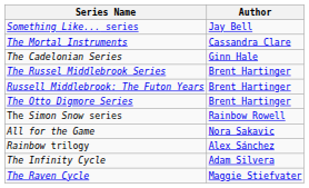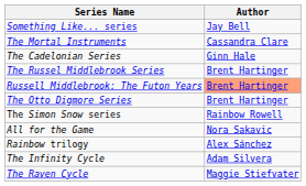 <table class="wikitable sortable">
 <tr>
 <th>Series Name</th>
 <th>Author</th>
 </tr>
 <tr>
 <td><a href='#'><em>Something Like...</em> series</a></td>
 <td><a href='#'>Jay Bell</a></td>
 </tr>
 <tr>
 <td><em><a href='#'>The Mortal Instruments</a></em></td>
 <td><a href='#'>Cassandra Clare</a></td>
 </tr>
 <tr>
 <td><em>The Cadelonian Series</em></td>
 <td><a href='#'>Ginn Hale</a></td>
 </tr>
 <tr>
 <td><em><a href='#'>The Russel Middlebrook Series</a></em></td>
 <td><a href='#'>Brent Hartinger</a></td>
 </tr>
 <tr>
 <td><em><a href='#'>Russell Middlebrook: The Futon Years</a></em></td>
-<td><a href='#'>Brent Hartinger</a></td>
+<td style="background: lightsalmon;"><a href='#'>Brent Hartinger</a></td>
 </tr>
 <tr>
 <td><em><a href='#'>The Otto Digmore Series</a></em></td>
 <td><a href='#'>Brent Hartinger</a></td>
 </tr>
 <tr>
 <td>The <em>Simon Snow</em> series</td>
 <td><a href='#'>Rainbow Rowell</a></td>
 </tr>
 <tr>
 <td><em>All for the Game</em></td>
 <td><a href='#'>Nora Sakavic</a></td>
 </tr>
 <tr>
 <td><em>Rainbow</em> trilogy</td>
 <td><a href='#'>Alex Sánchez</a></td>
 </tr>
 <tr>
 <td><em>The Infinity Cycle</em></td>
 <td><a href='#'>Adam Silvera</a></td>
 </tr>
 <tr>
 <td><em><a href='#'>The Raven Cycle</a></em></td>
 <td><a href='#'>Maggie Stiefvater</a></td>
 </tr>
 </table>
